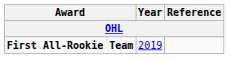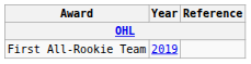 <table class="wikitable">
 <tr>
 <th>Award</th>
 <th>Year</th>
 <th>Reference</th>
 </tr>
 <tr ALIGN="center" bgcolor="#e0e0e0">
 <th colspan="3"><a href='#'>OHL</a></th>
 </tr>
 <tr>
-<td><strong>First All-Rookie Team</strong></td>
+<td>First All-Rookie Team</td>
 <td><a href='#'>2019</a></td>
 <td align="center"></td>
 </tr>
 </table>
